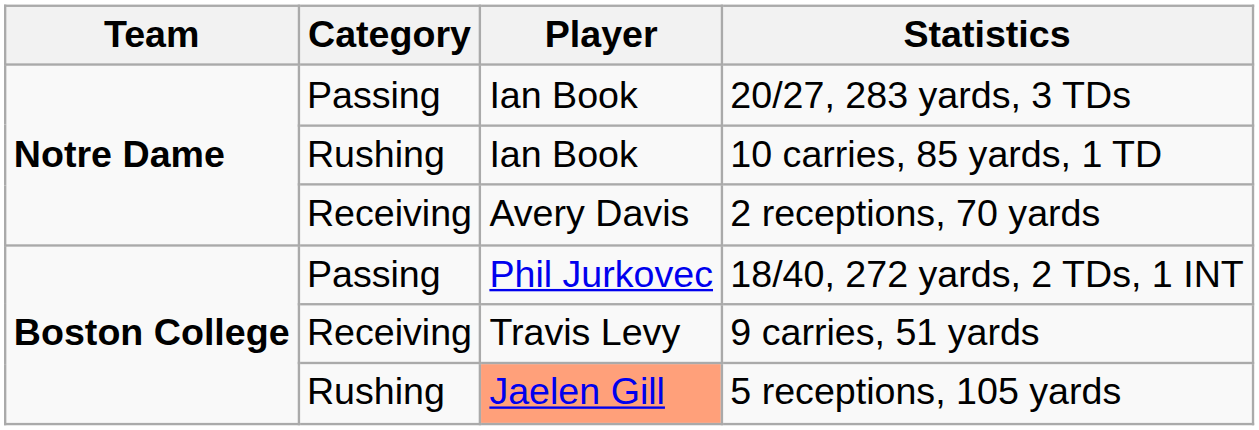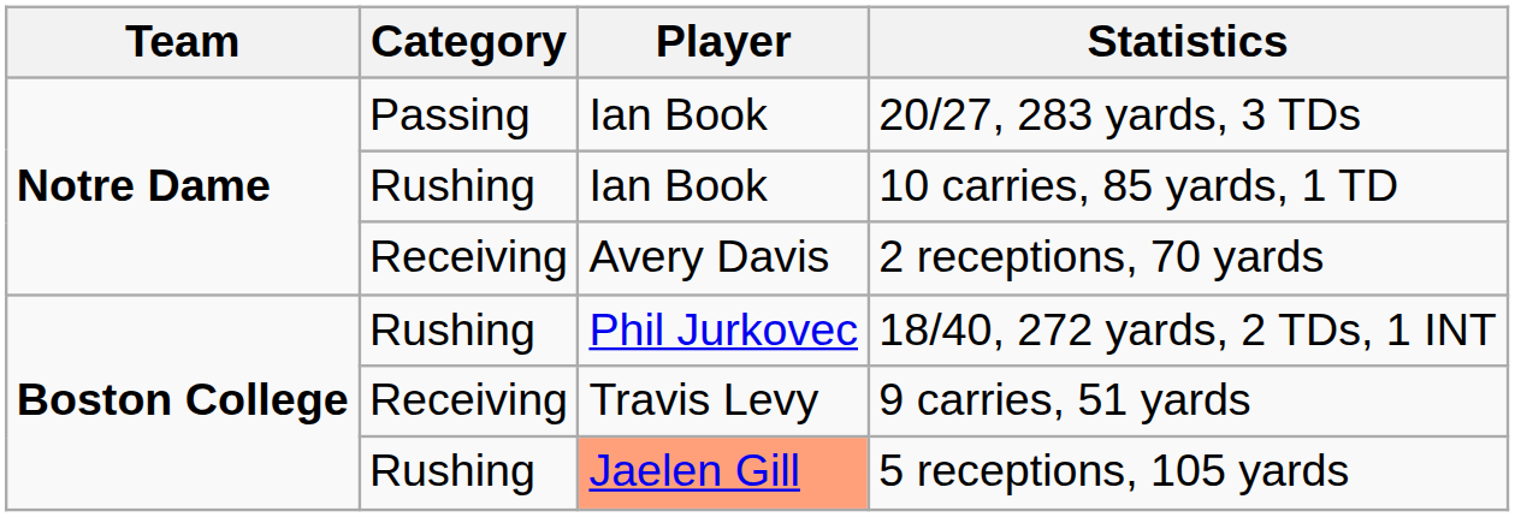 <table class="wikitable" style="float: left;">
 <tr>
 <th>Team</th>
 <th>Category</th>
 <th>Player</th>
 <th>Statistics</th>
 </tr>
 <tr>
 <td rowspan=3><strong>Notre Dame</strong></td>
 <td>Passing</td>
 <td>Ian Book</td>
 <td>20/27, 283 yards, 3 TDs</td>
 </tr>
 <tr>
 <td>Rushing</td>
 <td>Ian Book</td>
 <td>10 carries, 85 yards, 1 TD</td>
 </tr>
 <tr>
 <td>Receiving</td>
 <td>Avery Davis</td>
 <td>2 receptions, 70 yards</td>
 </tr>
 <tr>
 <td rowspan=3><strong>Boston College</strong></td>
-<td>Passing</td>
+<td>Rushing</td>
 <td><a href='#'>Phil Jurkovec</a></td>
 <td>18/40, 272 yards, 2 TDs, 1 INT</td>
 </tr>
 <tr>
 <td>Receiving</td>
 <td>Travis Levy</td>
 <td>9 carries, 51 yards</td>
 </tr>
 <tr>
 <td>Rushing</td>
 <td style="background: lightsalmon;"><a href='#'>Jaelen Gill</a></td>
 <td>5 receptions, 105 yards</td>
 </tr>
 </table>
